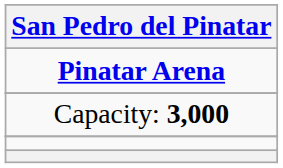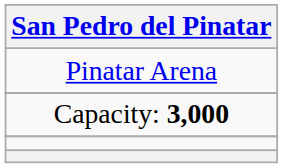 <table class="wikitable" style="margin:1em auto; text-align:center;">
 <tr>
 <th><a href='#'>San Pedro del Pinatar</a></th>
 </tr>
 <tr>
-<td><strong><a href='#'>Pinatar Arena</a></strong></td>
+<td><a href='#'>Pinatar Arena</a></td>
 </tr>
 <tr>
 </tr>
 <tr>
 <td>Capacity: <strong>3,000</strong></td>
 </tr>
 <tr>
 </tr>
 <tr>
 <td></td>
 </tr>
 <tr>
 <th><div></div></th>
 </tr>
 </table>
